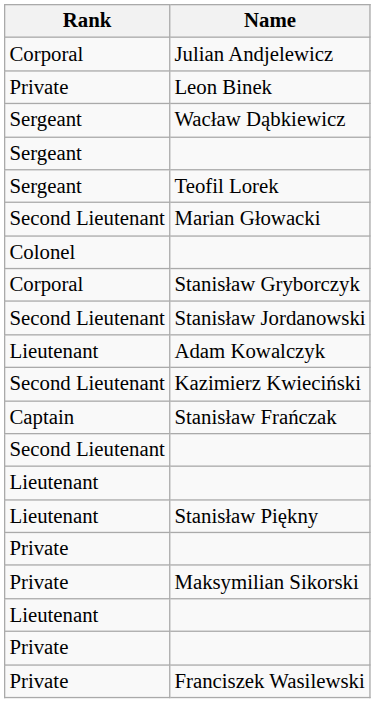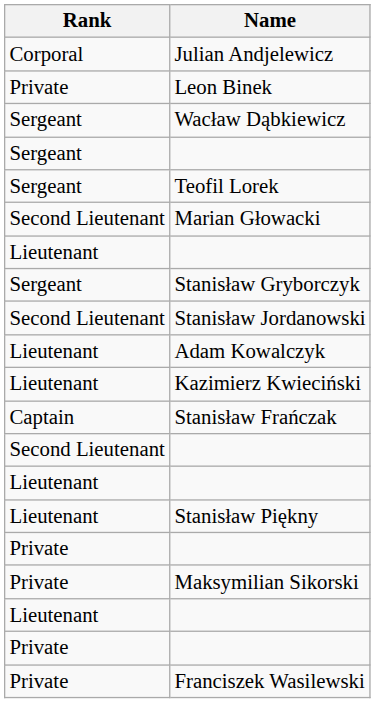 <table class="wikitable">
 <tr>
 <th><strong>Rank</strong></th>
 <th><strong>Name</strong></th>
 </tr>
 <tr>
 <td>Corporal</td>
 <td>Julian Andjelewicz</td>
 </tr>
 <tr>
 <td>Private</td>
 <td>Leon Binek</td>
 </tr>
 <tr>
 <td>Sergeant</td>
 <td>Wacław Dąbkiewicz</td>
 </tr>
 <tr>
 <td>Sergeant</td>
 <td></td>
 </tr>
 <tr>
 <td>Sergeant</td>
 <td>Teofil Lorek</td>
 </tr>
 <tr>
 <td>Second Lieutenant</td>
 <td>Marian Głowacki</td>
 </tr>
 <tr>
-<td>Colonel</td>
+<td>Lieutenant</td>
 <td></td>
 </tr>
 <tr>
-<td>Corporal</td>
+<td>Sergeant</td>
 <td>Stanisław Gryborczyk</td>
 </tr>
 <tr>
 <td>Second Lieutenant</td>
 <td>Stanisław Jordanowski</td>
 </tr>
 <tr>
 <td>Lieutenant</td>
 <td>Adam Kowalczyk</td>
 </tr>
 <tr>
-<td>Second Lieutenant</td>
+<td>Lieutenant</td>
 <td>Kazimierz Kwieciński</td>
 </tr>
 <tr>
 <td>Captain</td>
 <td>Stanisław Frańczak</td>
 </tr>
 <tr>
 <td>Second Lieutenant</td>
 <td></td>
 </tr>
 <tr>
 <td>Lieutenant</td>
 <td></td>
 </tr>
 <tr>
 <td>Lieutenant</td>
 <td>Stanisław Piękny</td>
 </tr>
 <tr>
 <td>Private</td>
 <td></td>
 </tr>
 <tr>
 <td>Private</td>
 <td>Maksymilian Sikorski</td>
 </tr>
 <tr>
 <td>Lieutenant</td>
 <td></td>
 </tr>
 <tr>
 <td>Private</td>
 <td></td>
 </tr>
 <tr>
 <td>Private</td>
 <td>Franciszek Wasilewski</td>
 </tr>
 </table>
